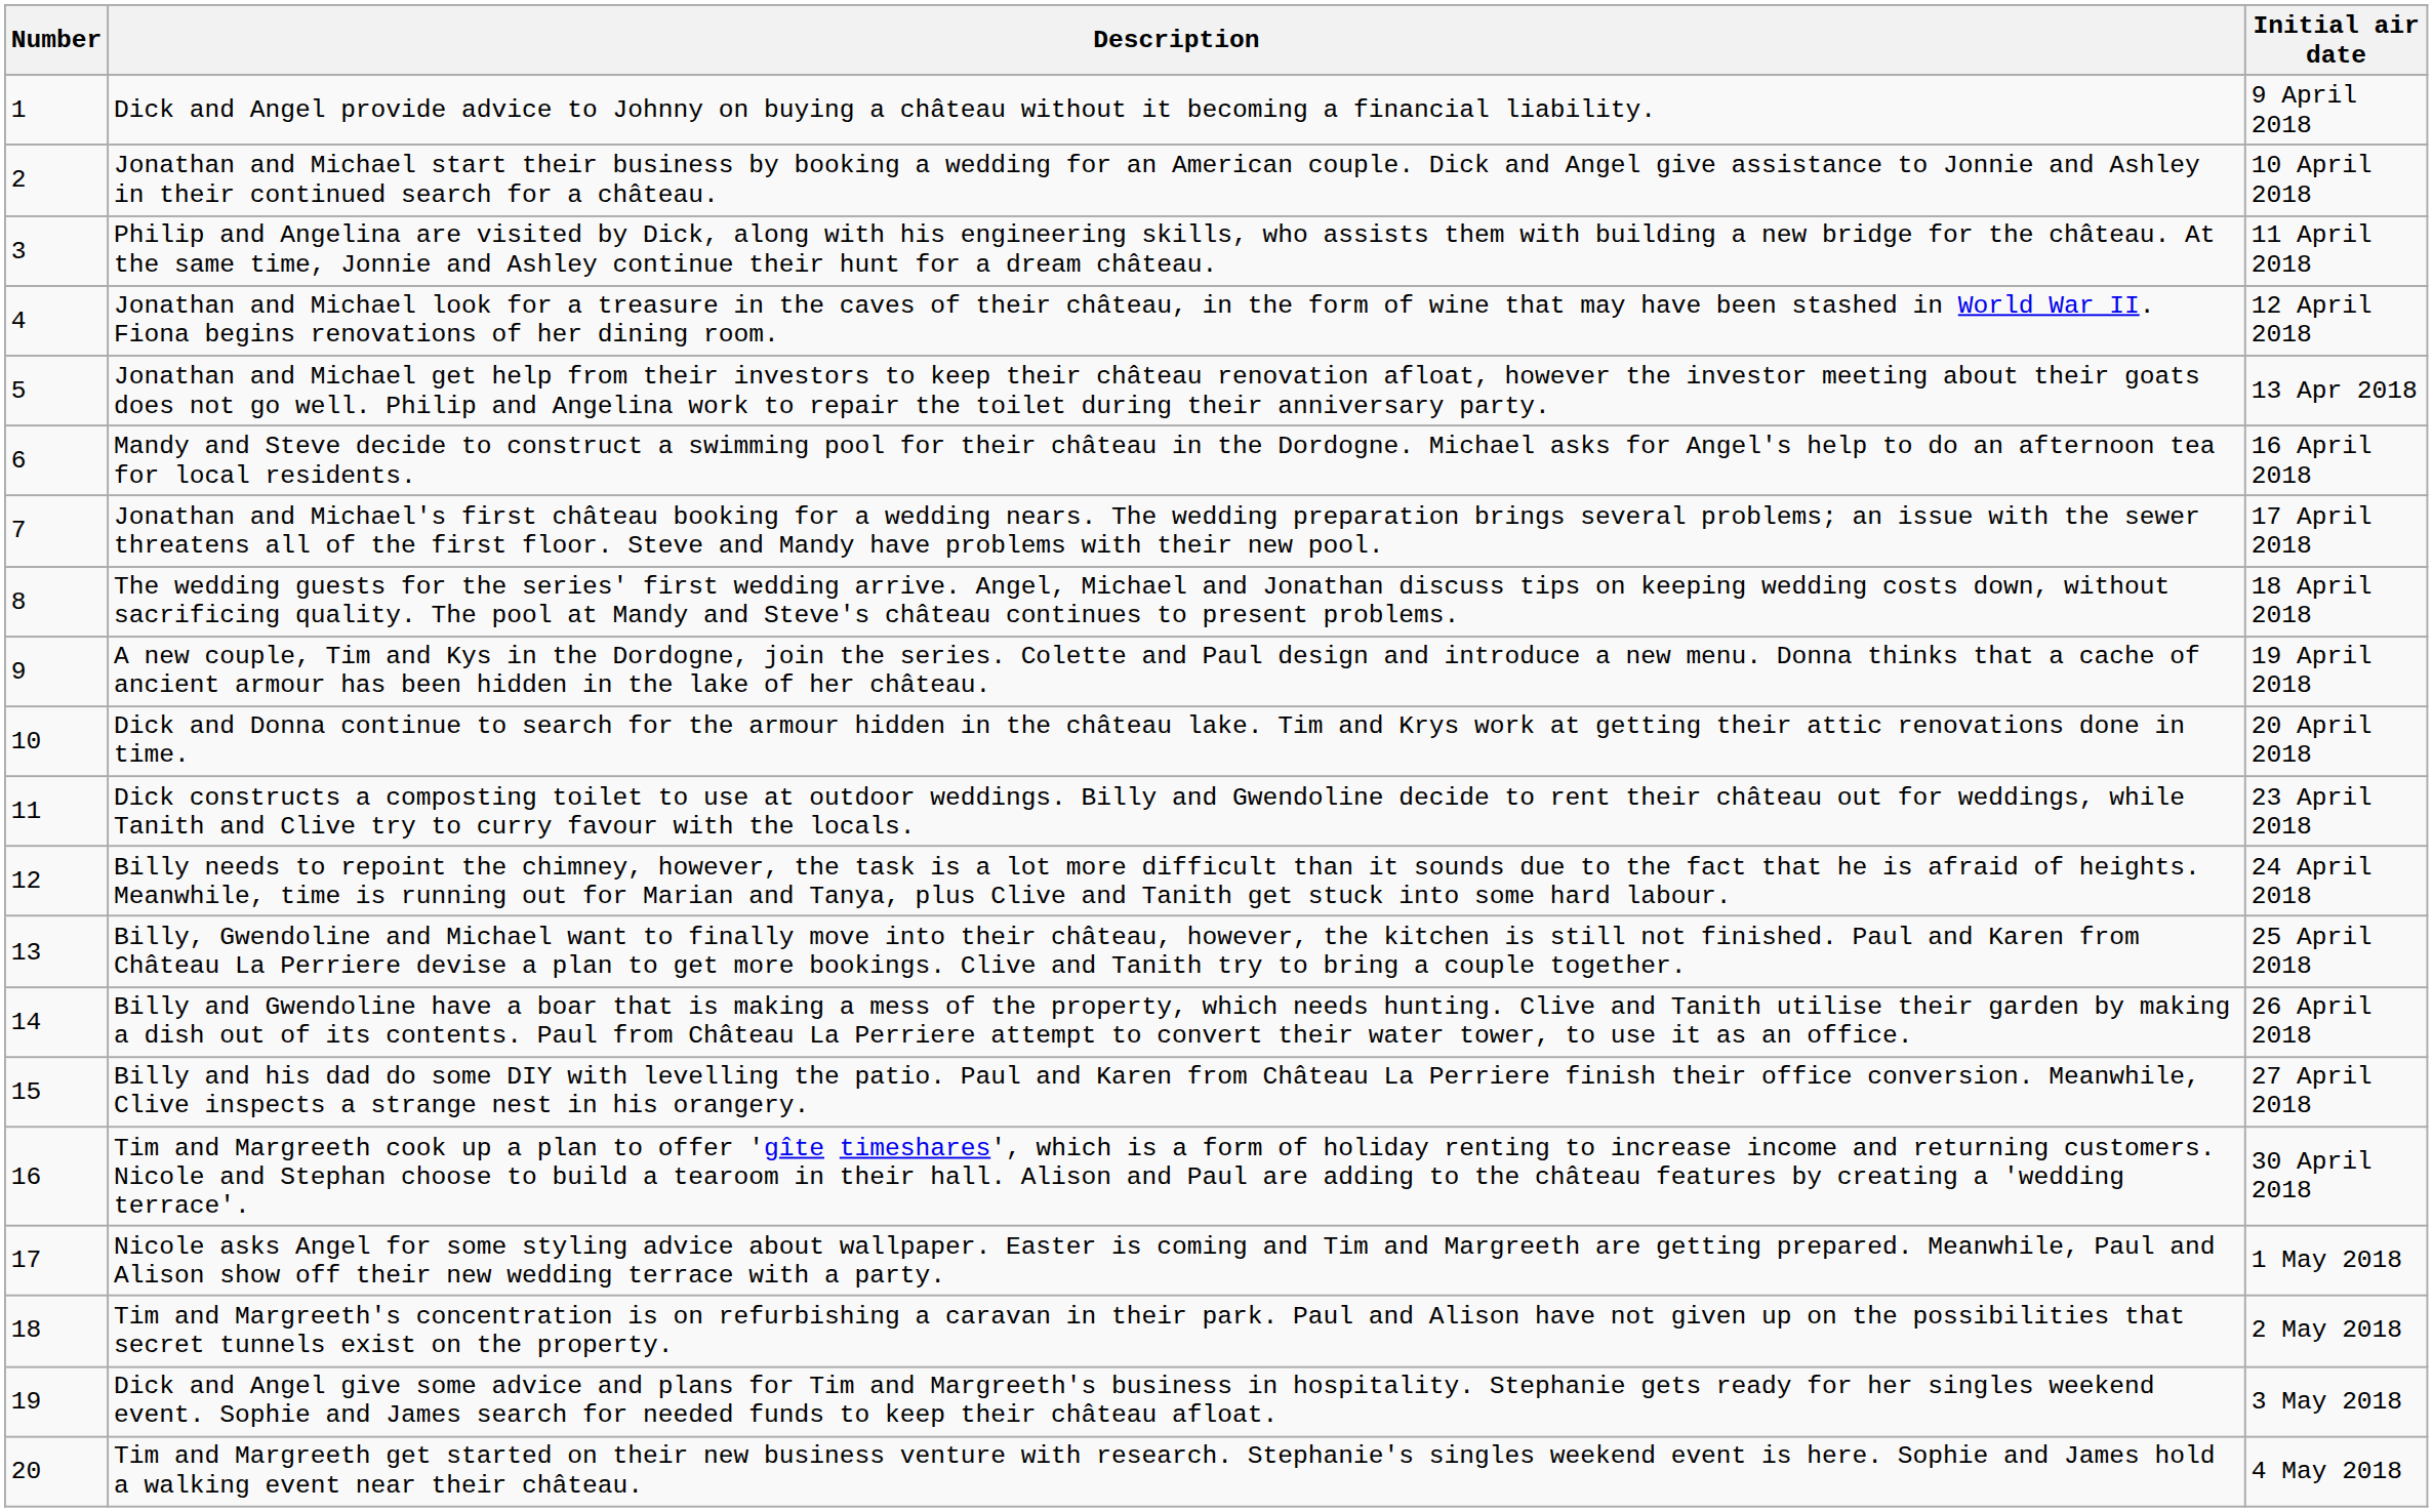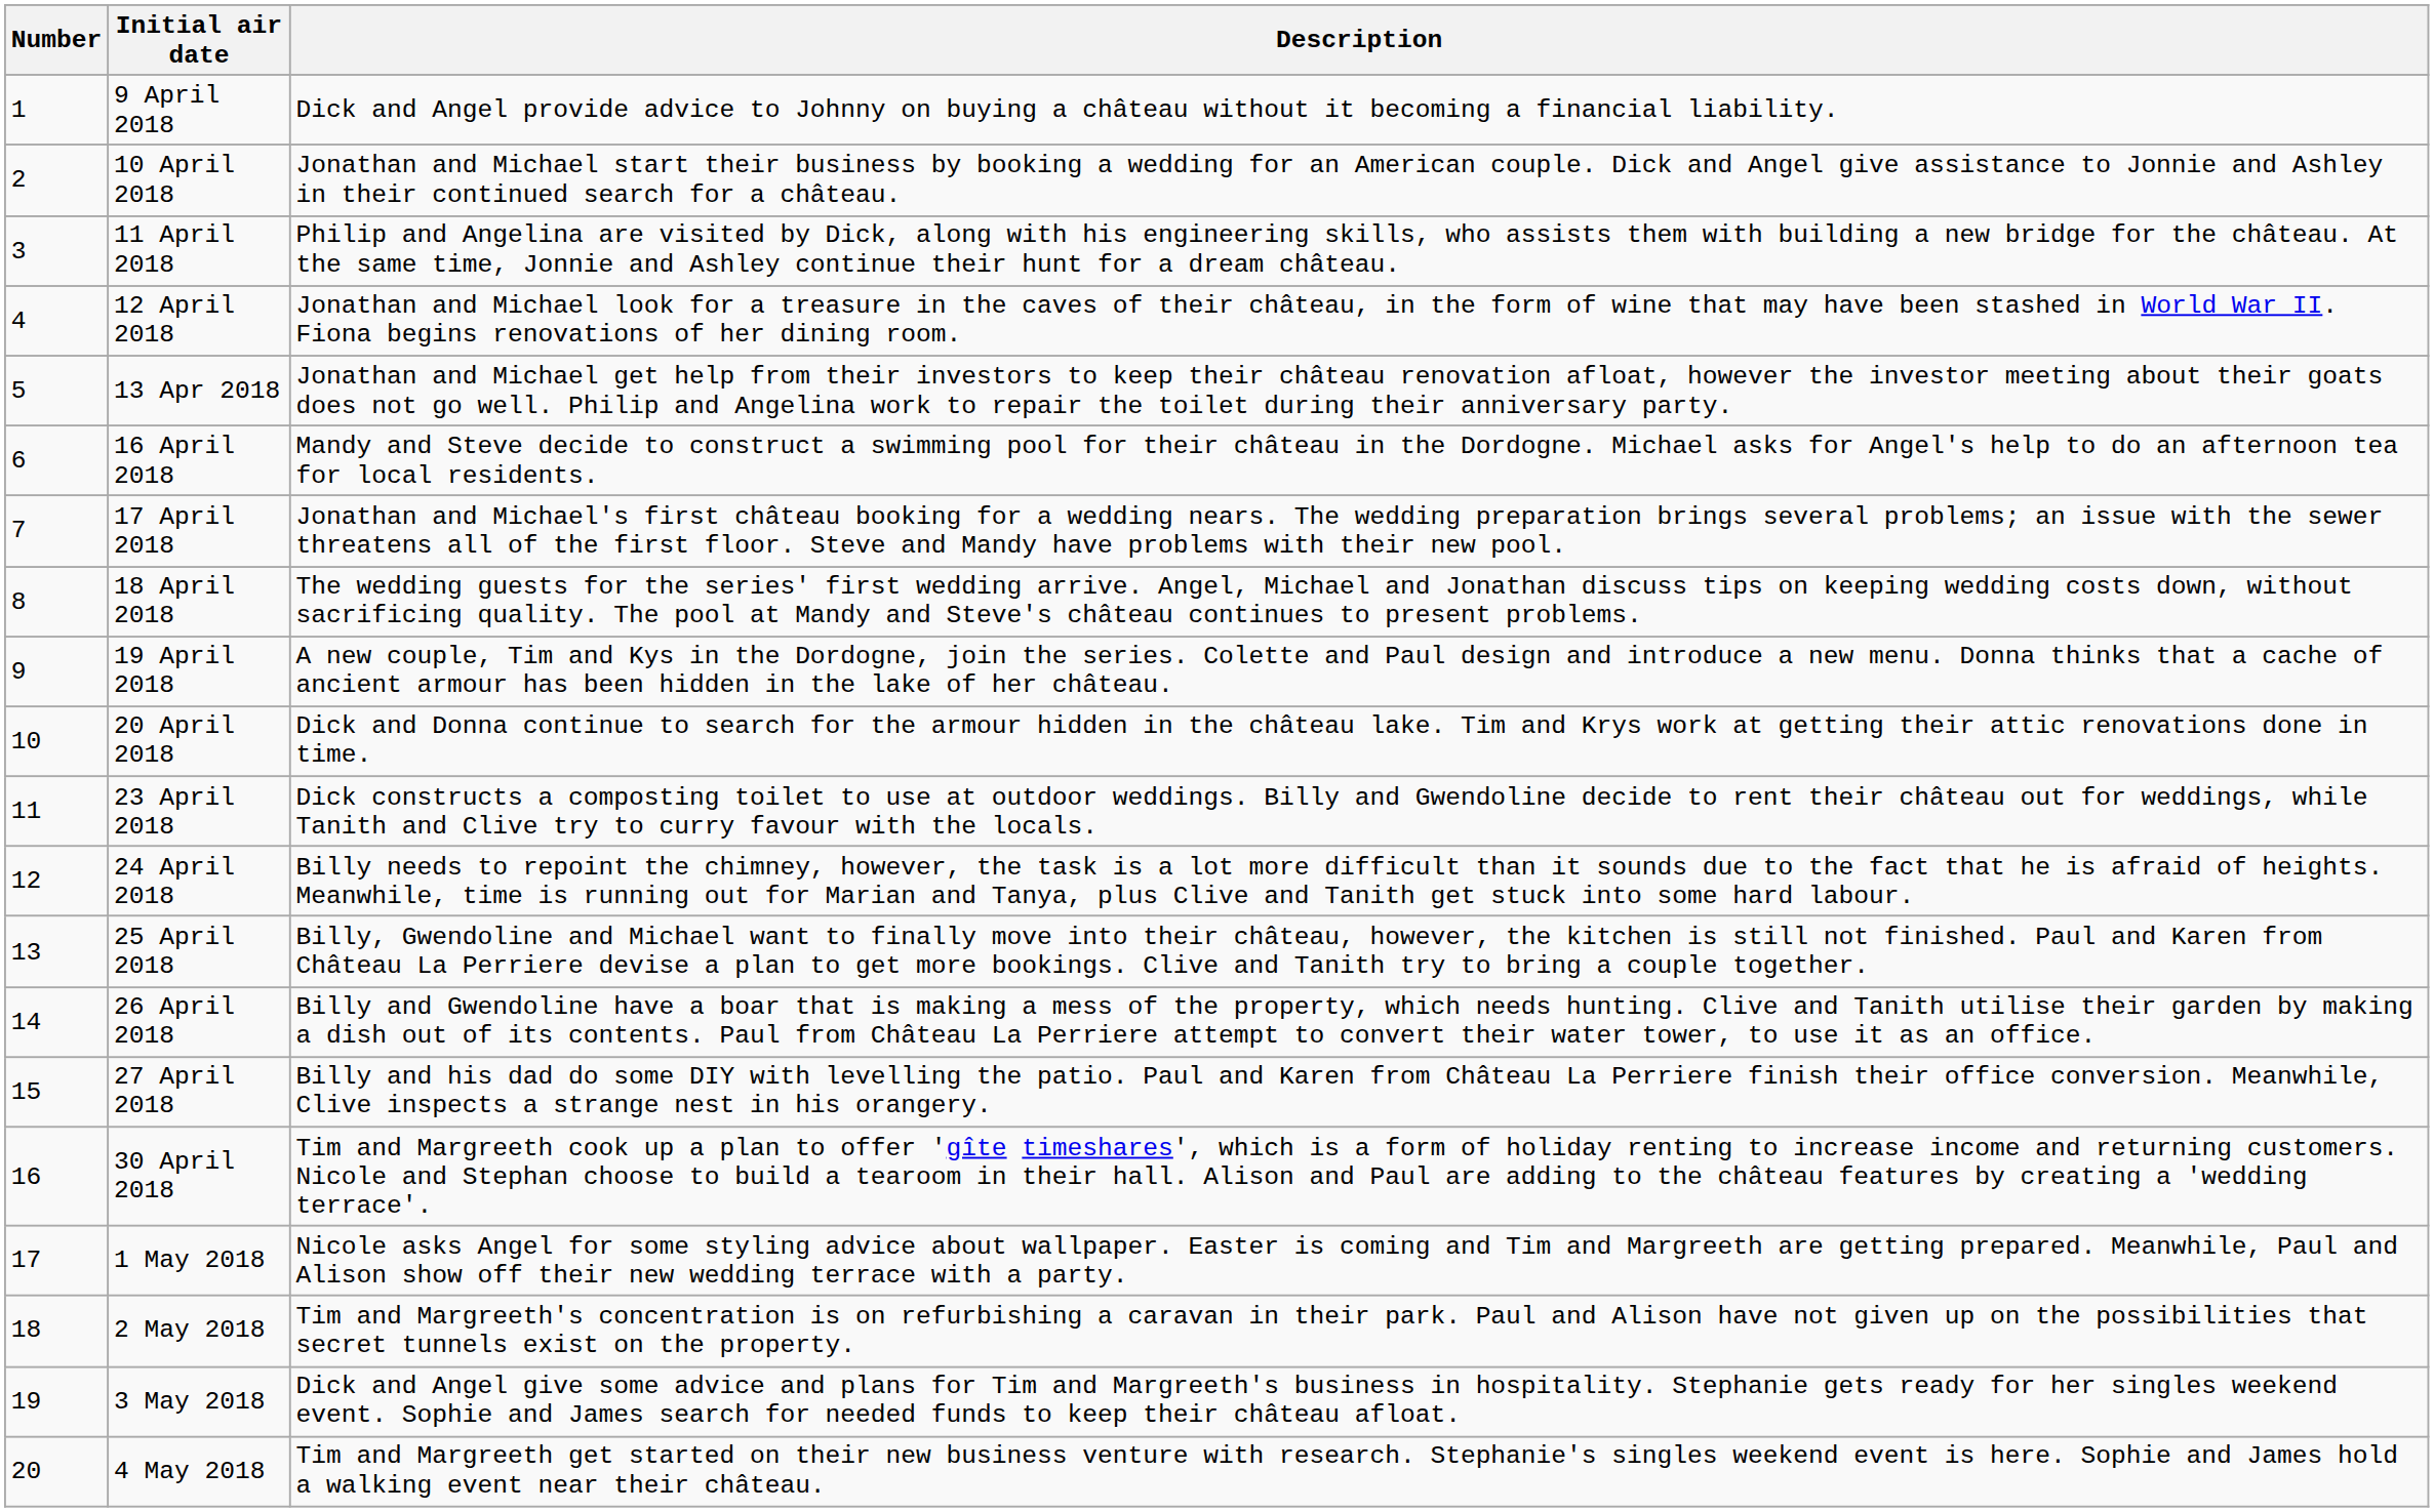 <table class="wikitable">
 <tr>
 <th>Number</th>
+<th>Initial air date</th>
 <th>Description</th>
-<th>Initial air date</th>
 </tr>
 <tr>
 <td>1</td>
+<td>9 April 2018</td>
 <td>Dick and Angel provide advice to Johnny on buying a château without it becoming a financial liability.</td>
-<td>9 April 2018</td>
 </tr>
 <tr>
 <td>2</td>
+<td>10 April 2018</td>
 <td>Jonathan and Michael start their business by booking a wedding for an American couple. Dick and Angel give assistance to Jonnie and Ashley in their continued search for a château.</td>
-<td>10 April 2018</td>
 </tr>
 <tr>
 <td>3</td>
+<td>11 April 2018</td>
 <td>Philip and Angelina are visited by Dick, along with his engineering skills, who assists them with building a new bridge for the château. At the same time, Jonnie and Ashley continue their hunt for a dream château.</td>
-<td>11 April 2018</td>
 </tr>
 <tr>
 <td>4</td>
+<td>12 April 2018</td>
 <td>Jonathan and Michael look for a treasure in the caves of their château, in the form of wine that may have been stashed in <a href='#'>World War II</a>. Fiona begins renovations of her dining room.</td>
-<td>12 April 2018</td>
 </tr>
 <tr>
 <td>5</td>
+<td>13 Apr 2018</td>
 <td>Jonathan and Michael get help from their investors to keep their château renovation afloat, however the investor meeting about their goats does not go well. Philip and Angelina work to repair the toilet during their anniversary party.</td>
-<td>13 Apr 2018</td>
 </tr>
 <tr>
 <td>6</td>
+<td>16 April 2018</td>
 <td>Mandy and Steve decide to construct a swimming pool for their château in the Dordogne. Michael asks for Angel's help to do an afternoon tea for local residents.</td>
-<td>16 April 2018</td>
 </tr>
 <tr>
 <td>7</td>
+<td>17 April 2018</td>
 <td>Jonathan and Michael's first château booking for a wedding nears. The wedding preparation brings several problems; an issue with the sewer threatens all of the first floor. Steve and Mandy have problems with their new pool.</td>
-<td>17 April 2018</td>
 </tr>
 <tr>
 <td>8</td>
+<td>18 April 2018</td>
 <td>The wedding guests for the series' first wedding arrive. Angel, Michael and Jonathan discuss tips on keeping wedding costs down, without sacrificing quality. The pool at Mandy and Steve's château continues to present problems.</td>
-<td>18 April 2018</td>
 </tr>
 <tr>
 <td>9</td>
+<td>19 April 2018</td>
 <td>A new couple, Tim and Kys in the Dordogne, join the series. Colette and Paul design and introduce a new menu. Donna thinks that a cache of ancient armour has been hidden in the lake of her château.</td>
-<td>19 April 2018</td>
 </tr>
 <tr>
 <td>10</td>
+<td>20 April 2018</td>
 <td>Dick and Donna continue to search for the armour hidden in the château lake. Tim and Krys work at getting their attic renovations done in time.</td>
-<td>20 April 2018</td>
 </tr>
 <tr>
 <td>11</td>
+<td>23 April 2018</td>
 <td>Dick constructs a composting toilet to use at outdoor weddings. Billy and Gwendoline decide to rent their château out for weddings, while Tanith and Clive try to curry favour with the locals.</td>
-<td>23 April 2018</td>
 </tr>
 <tr>
 <td>12</td>
+<td>24 April 2018</td>
 <td>Billy needs to repoint the chimney, however, the task is a lot more difficult than it sounds due to the fact that he is afraid of heights. Meanwhile, time is running out for Marian and Tanya, plus Clive and Tanith get stuck into some hard labour.</td>
-<td>24 April 2018</td>
 </tr>
 <tr>
 <td>13</td>
+<td>25 April 2018</td>
 <td>Billy, Gwendoline and Michael want to finally move into their château, however, the kitchen is still not finished. Paul and Karen from Château La Perriere devise a plan to get more bookings. Clive and Tanith try to bring a couple together.</td>
-<td>25 April 2018</td>
 </tr>
 <tr>
 <td>14</td>
+<td>26 April 2018</td>
 <td>Billy and Gwendoline have a boar that is making a mess of the property, which needs hunting. Clive and Tanith utilise their garden by making a dish out of its contents. Paul from Château La Perriere attempt to convert their water tower, to use it as an office.</td>
-<td>26 April 2018</td>
 </tr>
 <tr>
 <td>15</td>
+<td>27 April 2018</td>
 <td>Billy and his dad do some DIY with levelling the patio. Paul and Karen from Château La Perriere finish their office conversion. Meanwhile, Clive inspects a strange nest in his orangery.</td>
-<td>27 April 2018</td>
 </tr>
 <tr>
 <td>16</td>
+<td>30 April 2018</td>
 <td>Tim and Margreeth cook up a plan to offer '<a href='#'>gîte</a> <a href='#'>timeshares</a>', which is a form of holiday renting to increase income and returning customers. Nicole and Stephan choose to build a tearoom in their hall. Alison and Paul are adding to the château features by creating a 'wedding terrace'.</td>
-<td>30 April 2018</td>
 </tr>
 <tr>
 <td>17</td>
+<td>1 May 2018</td>
 <td>Nicole asks Angel for some styling advice about wallpaper. Easter is coming and Tim and Margreeth are getting prepared. Meanwhile, Paul and Alison show off their new wedding terrace with a party.</td>
-<td>1 May 2018</td>
 </tr>
 <tr>
 <td>18</td>
+<td>2 May 2018</td>
 <td>Tim and Margreeth's concentration is on refurbishing a caravan in their park. Paul and Alison have not given up on the possibilities that secret tunnels exist on the property.</td>
-<td>2 May 2018</td>
 </tr>
 <tr>
 <td>19</td>
+<td>3 May 2018</td>
 <td>Dick and Angel give some advice and plans for Tim and Margreeth's business in hospitality. Stephanie gets ready for her singles weekend event. Sophie and James search for needed funds to keep their château afloat.</td>
-<td>3 May 2018</td>
 </tr>
 <tr>
 <td>20</td>
+<td>4 May 2018</td>
 <td>Tim and Margreeth get started on their new business venture with research. Stephanie's singles weekend event is here. Sophie and James hold a walking event near their château.</td>
-<td>4 May 2018</td>
 </tr>
 </table>
